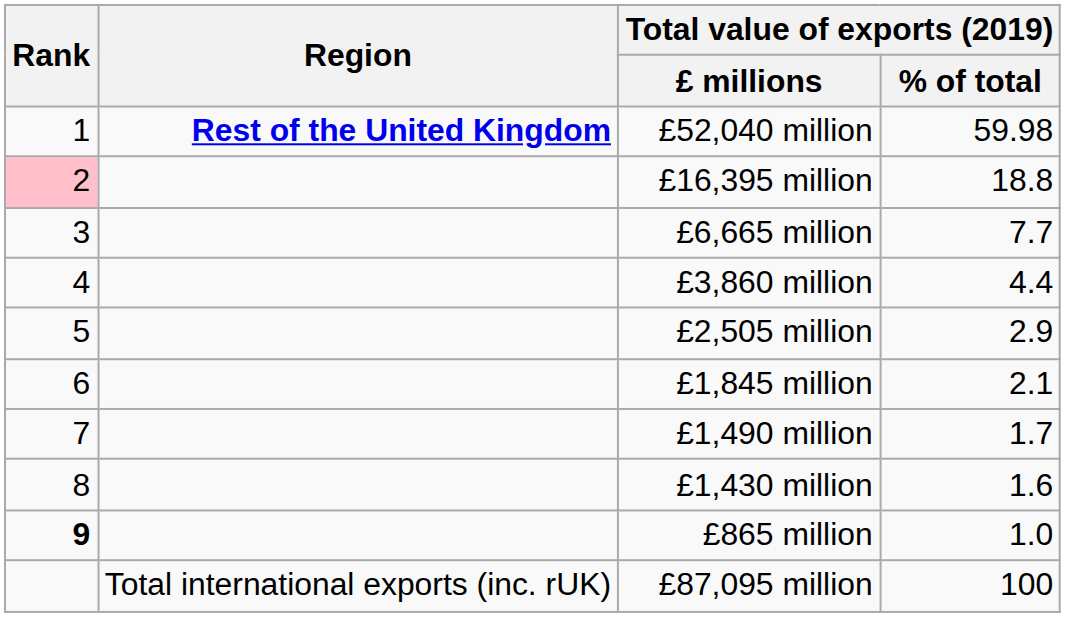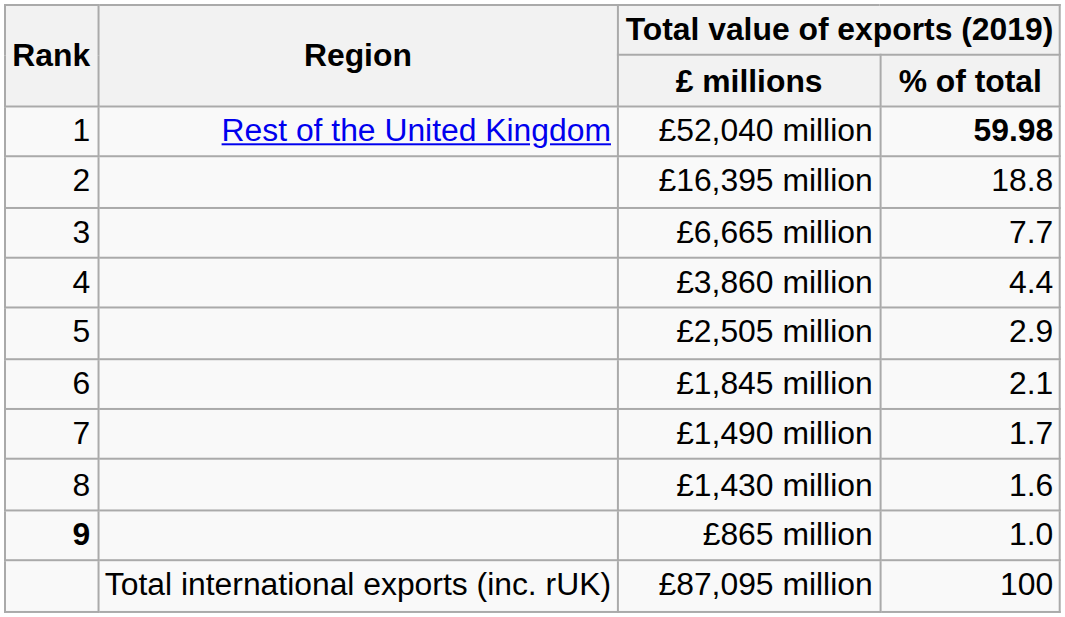 <table class="wikitable col1left col2left" style="text-align:right;">
 <tr>
 <th rowspan=2>Rank</th>
 <th rowspan=2>Region</th>
 <th colspan=2>Total value of exports (2019)</th>
 </tr>
 <tr>
 <th>£ millions</th>
 <th>% of total</th>
 </tr>
 <tr>
 <td>1</td>
-<td><strong><a href='#'>Rest of the United Kingdom</a></strong></td>
+<td><a href='#'>Rest of the United Kingdom</a></td>
 <td>£52,040 million</td>
-<td>59.98</td>
+<td><strong>59.98</strong></td>
 </tr>
 <tr>
-<td style="background: pink;">2</td>
+<td>2</td>
 <td></td>
 <td>£16,395 million</td>
 <td>18.8</td>
 </tr>
 <tr>
 <td>3</td>
 <td></td>
 <td>£6,665 million</td>
 <td>7.7</td>
 </tr>
 <tr>
 <td>4</td>
 <td></td>
 <td>£3,860 million</td>
 <td>4.4</td>
 </tr>
 <tr>
 <td>5</td>
 <td></td>
 <td>£2,505 million</td>
 <td>2.9</td>
 </tr>
 <tr>
 <td>6</td>
 <td></td>
 <td>£1,845 million</td>
 <td>2.1</td>
 </tr>
 <tr>
 <td>7</td>
 <td></td>
 <td>£1,490 million</td>
 <td>1.7</td>
 </tr>
 <tr>
 <td>8</td>
 <td></td>
 <td>£1,430 million</td>
 <td>1.6</td>
 </tr>
 <tr>
 <td><strong>9</strong></td>
 <td></td>
 <td>£865 million</td>
 <td>1.0</td>
 </tr>
 <tr>
 <td></td>
 <td>Total international exports (inc. rUK)</td>
 <td>£87,095 million</td>
 <td>100</td>
 </tr>
 </table>
